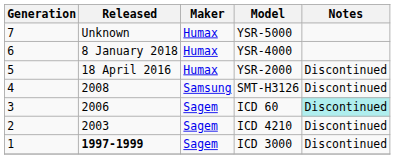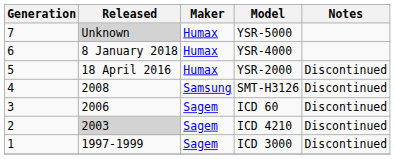 <table class="wikitable">
 <tr>
 <th>Generation</th>
 <th>Released</th>
 <th>Maker</th>
 <th>Model</th>
 <th>Notes</th>
 </tr>
 <tr>
 <td>7</td>
-<td>Unknown</td>
+<td style="background: lightgrey;">Unknown</td>
 <td><a href='#'>Humax</a></td>
 <td>YSR-5000</td>
 <td></td>
 </tr>
 <tr>
 <td>6</td>
 <td>8 January 2018</td>
 <td><a href='#'>Humax</a></td>
 <td>YSR-4000</td>
 <td></td>
 </tr>
 <tr>
 <td>5</td>
 <td>18 April 2016</td>
 <td><a href='#'>Humax</a></td>
 <td>YSR-2000</td>
 <td>Discontinued</td>
 </tr>
 <tr>
 <td>4</td>
 <td>2008</td>
 <td><a href='#'>Samsung</a></td>
 <td>SMT-H3126</td>
 <td>Discontinued</td>
 </tr>
 <tr>
 <td>3</td>
 <td>2006</td>
 <td><a href='#'>Sagem</a></td>
 <td>ICD 60</td>
-<td style="background: paleturquoise;">Discontinued</td>
+<td>Discontinued</td>
 </tr>
 <tr>
 <td>2</td>
-<td>2003</td>
+<td style="background: lightgrey;">2003</td>
 <td><a href='#'>Sagem</a></td>
 <td>ICD 4210</td>
 <td>Discontinued</td>
 </tr>
 <tr>
 <td>1</td>
-<td><strong>1997-1999</strong></td>
+<td>1997-1999</td>
 <td><a href='#'>Sagem</a></td>
 <td>ICD 3000</td>
 <td>Discontinued</td>
 </tr>
 <tr>
 </tr>
 </table>
